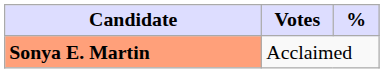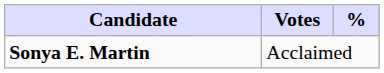 <table class="wikitable">
 <tr>
 <th style="background:#ddf; width:200px;">Candidate</th>
 <th style="background:#ddf; width:50px;">Votes</th>
 <th style="background:#ddf; width:30px;">%</th>
 </tr>
 <tr>
-<td style="background: lightsalmon;"><strong>Sonya E. Martin</strong></td>
+<td><strong>Sonya E. Martin</strong></td>
 <td colspan="2">Acclaimed</td>
 </tr>
 </table>
